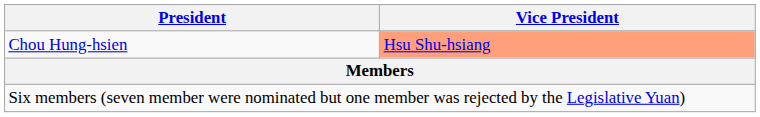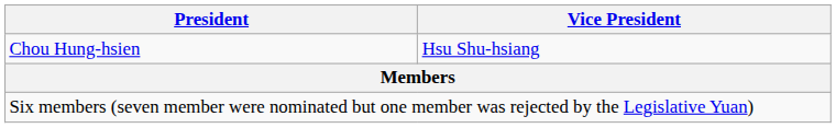 <table class=wikitable>
 <tr>
 <th width=350><a href='#'>President</a></th>
 <th width="350"><a href='#'>Vice President</a></th>
 </tr>
 <tr>
 <td><a href='#'>Chou Hung-hsien</a></td>
-<td style="background: lightsalmon;"><a href='#'>Hsu Shu-hsiang</a></td>
+<td><a href='#'>Hsu Shu-hsiang</a></td>
 </tr>
 <tr>
 <th colspan=2>Members</th>
 </tr>
 <tr>
 <td colspan=2>Six members (seven member were nominated but one member was rejected by the <a href='#'>Legislative Yuan</a>)</td>
 </tr>
 </table>
